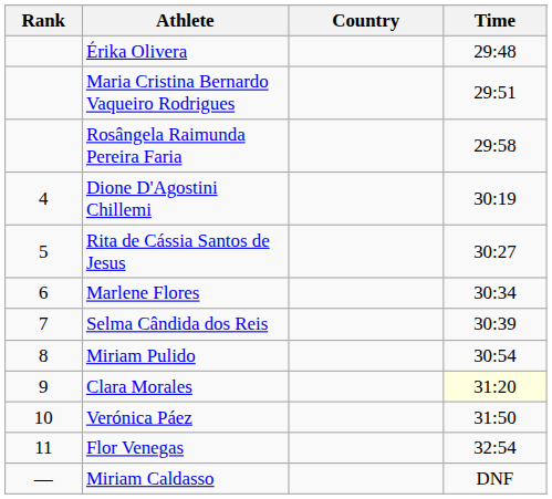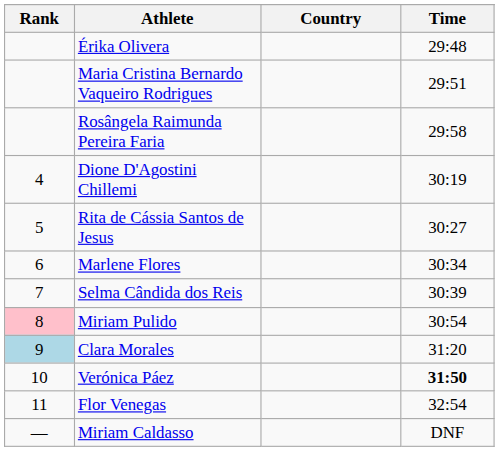 <table class="wikitable sortable" style=" text-align:center; font-size:95%;" width="50%">
 <tr>
 </tr>
 <tr>
 <th width=5%>Rank</th>
 <th width=20%>Athlete</th>
 <th width=15%>Country</th>
 <th width=10%>Time</th>
 </tr>
 <tr>
 <td align=center></td>
 <td align=left><a href='#'>Érika Olivera</a></td>
 <td align=left></td>
 <td>29:48</td>
 </tr>
 <tr>
 <td align=center></td>
 <td align=left><a href='#'>Maria Cristina Bernardo Vaqueiro Rodrigues</a></td>
 <td align=left></td>
 <td>29:51</td>
 </tr>
 <tr>
 <td align=center></td>
 <td align=left><a href='#'>Rosângela Raimunda Pereira Faria</a></td>
 <td align=left></td>
 <td>29:58</td>
 </tr>
 <tr>
 <td align=center>4</td>
 <td align=left><a href='#'>Dione D'Agostini Chillemi</a></td>
 <td align=left></td>
 <td>30:19</td>
 </tr>
 <tr>
 <td align=center>5</td>
 <td align=left><a href='#'>Rita de Cássia Santos de Jesus</a></td>
 <td align=left></td>
 <td>30:27</td>
 </tr>
 <tr>
 <td align=center>6</td>
 <td align=left><a href='#'>Marlene Flores</a></td>
 <td align=left></td>
 <td>30:34</td>
 </tr>
 <tr>
 <td align=center>7</td>
 <td align=left><a href='#'>Selma Cândida dos Reis</a></td>
 <td align=left></td>
 <td>30:39</td>
 </tr>
 <tr>
-<td align=center>8</td>
+<td align=center style="background: pink;">8</td>
 <td align=left><a href='#'>Miriam Pulido</a></td>
 <td align=left></td>
 <td>30:54</td>
 </tr>
 <tr>
-<td align=center>9</td>
+<td align=center style="background: lightblue;">9</td>
 <td align=left><a href='#'>Clara Morales</a></td>
 <td align=left></td>
-<td style="background: lightyellow;">31:20</td>
+<td>31:20</td>
 </tr>
 <tr>
 <td align=center>10</td>
 <td align=left><a href='#'>Verónica Páez</a></td>
 <td align=left></td>
-<td>31:50</td>
+<td><strong>31:50</strong></td>
 </tr>
 <tr>
 <td align=center>11</td>
 <td align=left><a href='#'>Flor Venegas</a></td>
 <td align=left></td>
 <td>32:54</td>
 </tr>
 <tr>
 <td align=center>—</td>
 <td align=left><a href='#'>Miriam Caldasso</a></td>
 <td align=left></td>
 <td>DNF</td>
 </tr>
 </table>
